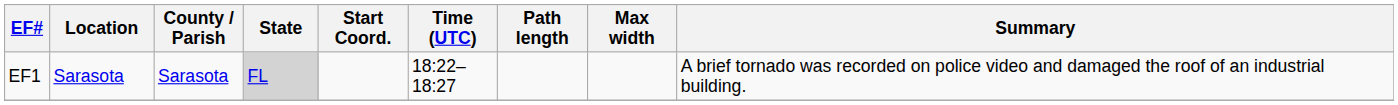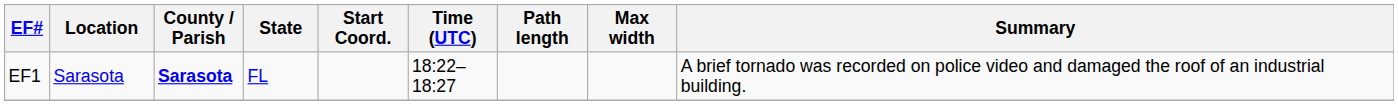 <table class="wikitable sortable" style="width:100%;">
 <tr>
 <th scope="col"  style="width:3%; text-align:center;"><a href='#'>EF#</a></th>
 <th scope="col"  style="width:7%; text-align:center;" class="unsortable">Location</th>
 <th scope="col"  style="width:6%; text-align:center;" class="unsortable">County / Parish</th>
 <th scope="col"  style="width:5%; text-align:center;">State</th>
 <th scope="col"  style="width:6%; text-align:center;">Start Coord.</th>
 <th scope="col"  style="width:6%; text-align:center;">Time (<a href='#'>UTC</a>)</th>
 <th scope="col"  style="width:6%; text-align:center;">Path length</th>
 <th scope="col"  style="width:6%; text-align:center;">Max width</th>
 <th scope="col" class="unsortable" style="width:48%; text-align:center;">Summary</th>
 </tr>
 <tr>
 <td>EF1</td>
 <td><a href='#'>Sarasota</a></td>
-<td><a href='#'>Sarasota</a></td>
-<td style="background: lightgrey;"><a href='#'>FL</a></td>
+<td><strong><a href='#'>Sarasota</a></strong></td>
+<td><a href='#'>FL</a></td>
 <td></td>
 <td>18:22–18:27</td>
 <td></td>
 <td></td>
 <td>A brief tornado was recorded on police video and damaged the roof of an industrial building.</td>
 </tr>
 <tr>
 </tr>
 </table>
